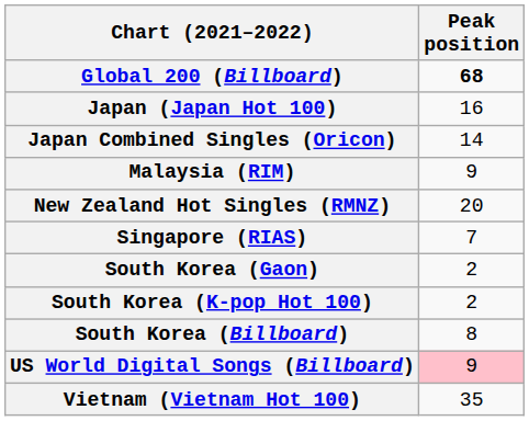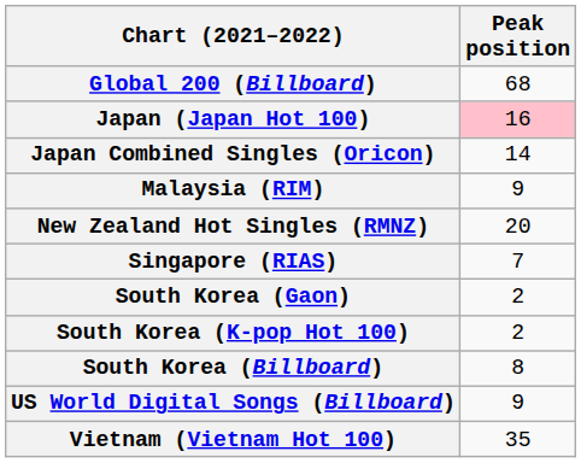 <table class="wikitable sortable plainrowheaders" style="text-align:center">
 <tr>
 <th scope="col">Chart (2021–2022)</th>
 <th scope="col">Peak<br>position</th>
 </tr>
 <tr>
 <th scope="row"><a href='#'>Global 200</a> (<em><a href='#'>Billboard</a></em>)</th>
-<td><strong>68</strong></td>
+<td>68</td>
 </tr>
 <tr>
 <th scope="row">Japan (<a href='#'>Japan Hot 100</a>)</th>
-<td>16</td>
+<td style="background: pink;">16</td>
 </tr>
 <tr>
 <th scope="row">Japan Combined Singles (<a href='#'>Oricon</a>)</th>
 <td>14</td>
 </tr>
 <tr>
 <th scope="row">Malaysia (<a href='#'>RIM</a>)</th>
 <td>9</td>
 </tr>
 <tr>
 <th scope="row">New Zealand Hot Singles (<a href='#'>RMNZ</a>)</th>
 <td>20</td>
 </tr>
 <tr>
 <th scope="row">Singapore (<a href='#'>RIAS</a>)</th>
 <td>7</td>
 </tr>
 <tr>
 <th scope="row">South Korea (<a href='#'>Gaon</a>)</th>
 <td>2</td>
 </tr>
 <tr>
 <th scope="row">South Korea (<a href='#'>K-pop Hot 100</a>)</th>
 <td>2</td>
 </tr>
 <tr>
 <th scope="row">South Korea (<em><a href='#'>Billboard</a></em>)</th>
 <td>8</td>
 </tr>
 <tr>
 <th scope="row">US <a href='#'>World Digital Songs</a> (<em><a href='#'>Billboard</a></em>)</th>
-<td style="background: pink;">9</td>
+<td>9</td>
 </tr>
 <tr>
 <th scope="row">Vietnam (<a href='#'>Vietnam Hot 100</a>)</th>
 <td>35</td>
 </tr>
 </table>
